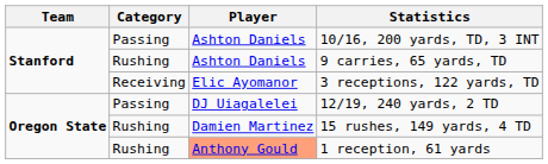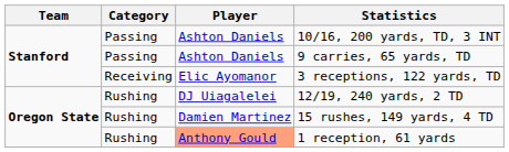 <table class="wikitable" style="float: right;">
 <tr>
 <th>Team</th>
 <th>Category</th>
 <th>Player</th>
 <th>Statistics</th>
 </tr>
 <tr>
 <td rowspan=3><strong>Stanford</strong></td>
 <td>Passing</td>
 <td><a href='#'>Ashton Daniels</a></td>
 <td>10/16, 200 yards, TD, 3 INT</td>
 </tr>
 <tr>
-<td>Rushing</td>
+<td>Passing</td>
 <td><a href='#'>Ashton Daniels</a></td>
 <td>9 carries, 65 yards, TD</td>
 </tr>
 <tr>
 <td>Receiving</td>
 <td><a href='#'>Elic Ayomanor</a></td>
 <td>3 receptions, 122  yards, TD</td>
 </tr>
 <tr>
 <td rowspan=3><strong>Oregon State</strong></td>
-<td>Passing</td>
+<td>Rushing</td>
 <td><a href='#'>DJ Uiagalelei</a></td>
 <td>12/19, 240 yards, 2 TD</td>
 </tr>
 <tr>
 <td>Rushing</td>
 <td><a href='#'>Damien Martinez</a></td>
 <td>15 rushes, 149 yards, 4 TD</td>
 </tr>
 <tr>
 <td>Rushing</td>
 <td style="background: lightsalmon;"><a href='#'>Anthony Gould</a></td>
 <td>1 reception, 61 yards</td>
 </tr>
 </table>
